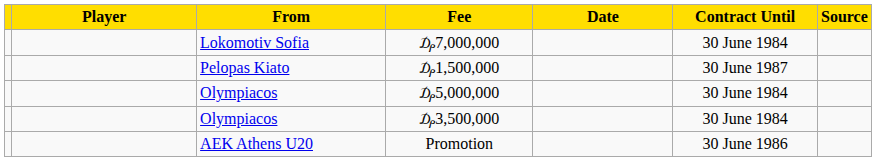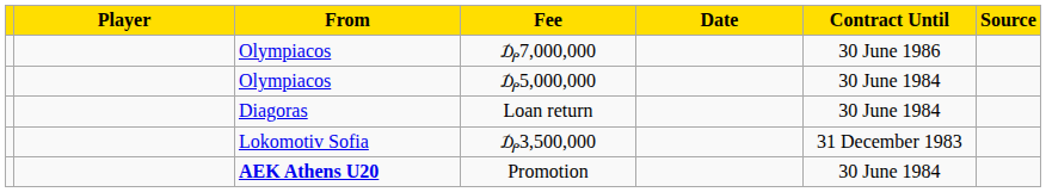 <table class="wikitable sortable">
 <tr>
 <th style="background:#FFDE00"></th>
 <th width=200 style="background:#FFDE00">Player</th>
 <th width=200 style="background:#FFDE00">From</th>
 <th width=150 style="background:#FFDE00">Fee</th>
 <th width=150 style="background:#FFDE00">Date</th>
 <th width=150 style="background:#FFDE00">Contract Until</th>
 <th style="background:#FFDE00">Source</th>
 </tr>
 <tr>
 <td align=center></td>
 <td></td>
-<td> <a href='#'>Lokomotiv Sofia</a></td>
+<td> <a href='#'>Olympiacos</a></td>
 <td align=center>₯7,000,000</td>
 <td align=center></td>
-<td align=center>30 June 1984</td>
-<td align=center></td>
-</tr>
-<tr>
-<td align=center></td>
-<td></td>
-<td> <a href='#'>Pelopas Kiato</a></td>
-<td align=center>₯1,500,000</td>
-<td align=center></td>
-<td align=center>30 June 1987</td>
+<td align=center>30 June 1986</td>
 <td align=center></td>
 </tr>
 <tr>
 <td align=center></td>
 <td></td>
 <td> <a href='#'>Olympiacos</a></td>
 <td align=center>₯5,000,000</td>
 <td align=center></td>
 <td align=center>30 June 1984</td>
 <td align=center></td>
 </tr>
 <tr>
 <td align=center></td>
 <td></td>
-<td> <a href='#'>Olympiacos</a></td>
-<td align=center>₯3,500,000</td>
+<td> <a href='#'>Diagoras</a></td>
+<td align=center>Loan return</td>
 <td align=center></td>
 <td align=center>30 June 1984</td>
 <td align=center></td>
 </tr>
 <tr>
 <td align=center></td>
 <td></td>
-<td> <a href='#'>AEK Athens U20</a></td>
+<td> <a href='#'>Lokomotiv Sofia</a></td>
+<td align=center>₯3,500,000</td>
+<td align=center></td>
+<td align=center>31 December 1983</td>
+<td align=center></td>
+</tr>
+<tr>
+<td align=center></td>
+<td></td>
+<td><strong> <a href='#'>AEK Athens U20</a></strong></td>
 <td align=center>Promotion</td>
 <td align=center></td>
-<td align=center>30 June 1986</td>
+<td align=center>30 June 1984</td>
 <td align=center></td>
 </tr>
 </table>
